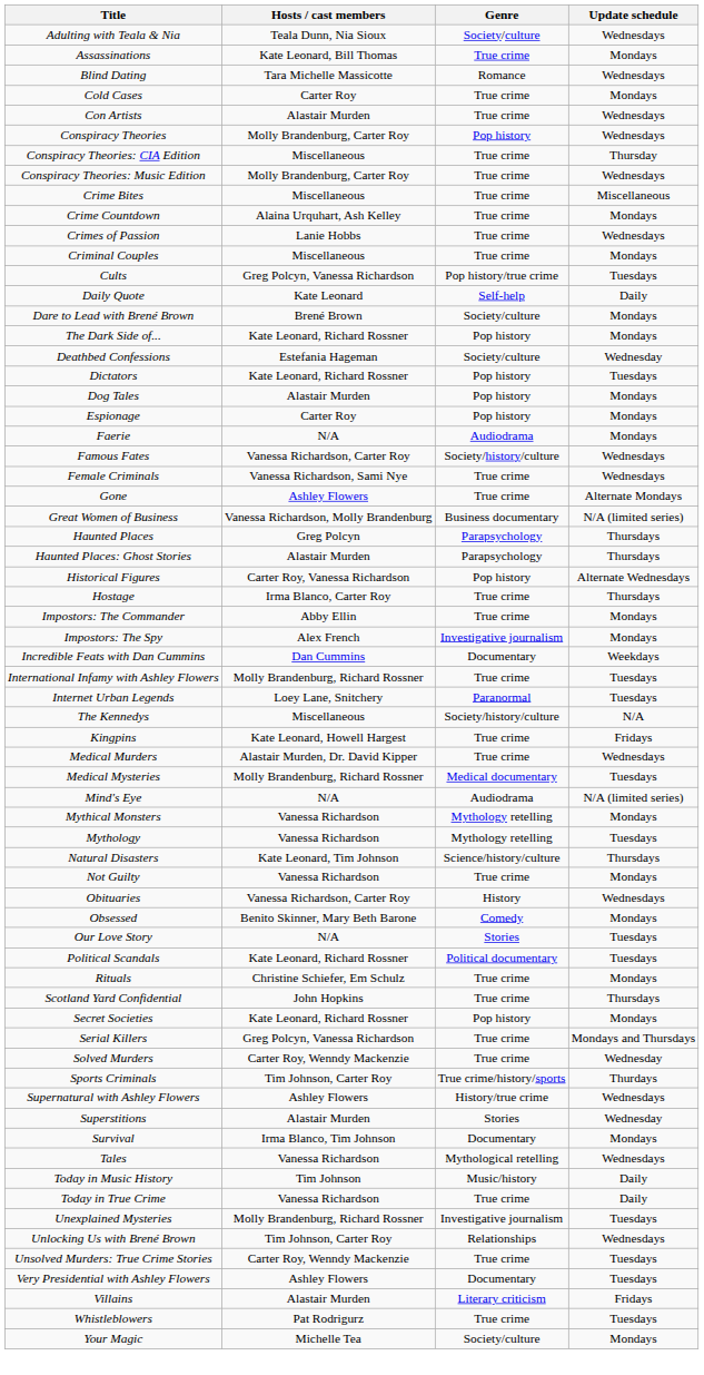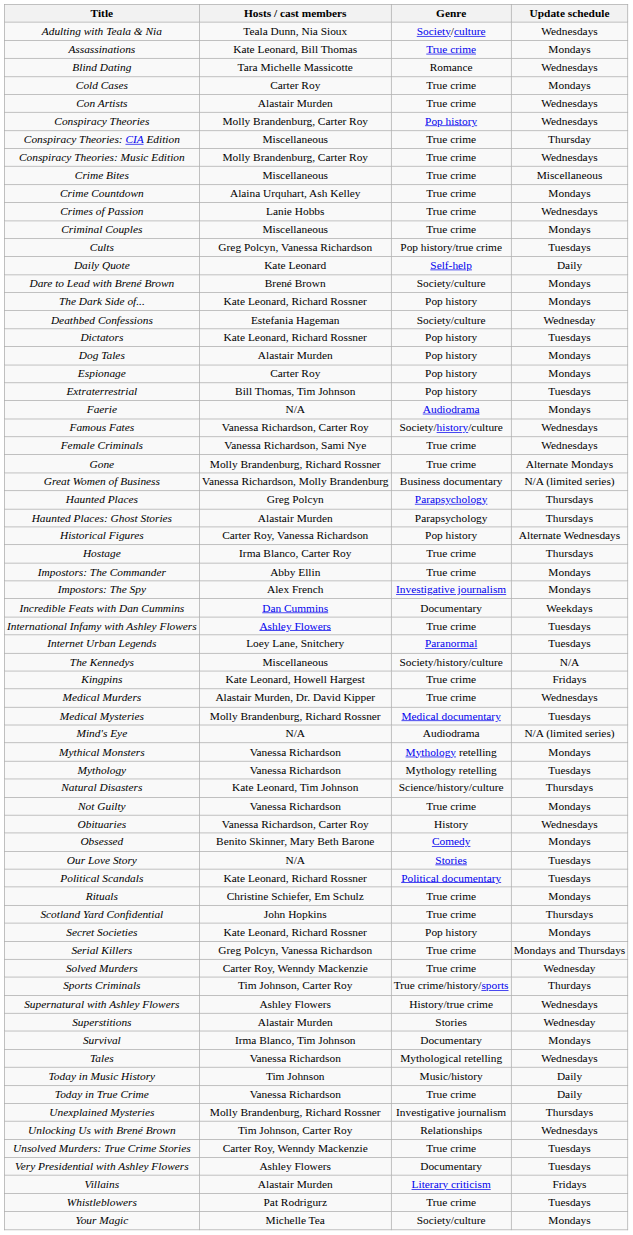 <table class="wikitable sortable">
 <tr>
 <th>Title</th>
 <th>Hosts / cast members</th>
 <th>Genre</th>
 <th>Update schedule</th>
 </tr>
 <tr>
 <td style="text-align:center;"><em>Adulting with Teala & Nia</em></td>
 <td style="text-align:center;">Teala Dunn, Nia Sioux</td>
 <td style="text-align:center;"><a href='#'>Society</a>/<a href='#'>culture</a></td>
 <td style="text-align:center;">Wednesdays</td>
 </tr>
 <tr>
 <td style="text-align:center;"><em>Assassinations</em></td>
 <td style="text-align:center;">Kate Leonard, Bill Thomas</td>
 <td style="text-align:center;"><a href='#'>True crime</a></td>
 <td style="text-align:center;">Mondays</td>
 </tr>
 <tr>
 <td style="text-align:center;"><em>Blind Dating</em></td>
 <td style="text-align:center;">Tara Michelle Massicotte</td>
 <td style="text-align:center;">Romance</td>
 <td style="text-align:center;">Wednesdays</td>
 </tr>
 <tr>
 <td style="text-align:center;"><em>Cold Cases</em></td>
 <td style="text-align:center;">Carter Roy</td>
 <td style="text-align:center;">True crime</td>
 <td style="text-align:center;">Mondays</td>
 </tr>
 <tr>
 <td style="text-align:center;"><em>Con Artists</em></td>
 <td style="text-align:center;">Alastair Murden</td>
 <td style="text-align:center;">True crime</td>
 <td style="text-align:center;">Wednesdays</td>
 </tr>
 <tr>
 <td style="text-align:center;"><em>Conspiracy Theories</em></td>
 <td style="text-align:center;">Molly Brandenburg, Carter Roy</td>
 <td style="text-align:center;"><a href='#'>Pop history</a></td>
 <td style="text-align:center;">Wednesdays</td>
 </tr>
 <tr>
 <td style="text-align:center;"><em>Conspiracy Theories: <a href='#'>CIA</a> Edition</em></td>
 <td style="text-align:center;">Miscellaneous</td>
 <td style="text-align:center;">True crime</td>
 <td style="text-align:center;">Thursday</td>
 </tr>
 <tr>
 <td style="text-align:center;"><em>Conspiracy Theories: Music Edition</em></td>
 <td style="text-align:center;">Molly Brandenburg, Carter Roy</td>
 <td style="text-align:center;">True crime</td>
 <td style="text-align:center;">Wednesdays</td>
 </tr>
 <tr>
 <td style="text-align:center;"><em>Crime Bites</em></td>
 <td style="text-align:center;">Miscellaneous</td>
 <td style="text-align:center;">True crime</td>
 <td style="text-align:center;">Miscellaneous</td>
 </tr>
 <tr>
 <td style="text-align:center;"><em>Crime Countdown</em></td>
 <td style="text-align:center;">Alaina Urquhart, Ash Kelley</td>
 <td style="text-align:center;">True crime</td>
 <td style="text-align:center;">Mondays</td>
 </tr>
 <tr>
 <td style="text-align:center;"><em>Crimes of Passion</em></td>
 <td style="text-align:center;">Lanie Hobbs</td>
 <td style="text-align:center;">True crime</td>
 <td style="text-align:center;">Wednesdays</td>
 </tr>
 <tr>
 <td style="text-align:center;"><em>Criminal Couples</em></td>
 <td style="text-align:center;">Miscellaneous</td>
 <td style="text-align:center;">True crime</td>
 <td style="text-align:center;">Mondays</td>
 </tr>
 <tr>
 <td style="text-align:center;"><em>Cults</em></td>
 <td style="text-align:center;">Greg Polcyn, Vanessa Richardson</td>
 <td style="text-align:center;">Pop history/true crime</td>
 <td style="text-align:center;">Tuesdays</td>
 </tr>
 <tr>
 <td style="text-align:center;"><em>Daily Quote</em></td>
 <td style="text-align:center;">Kate Leonard</td>
 <td style="text-align:center;"><a href='#'>Self-help</a></td>
 <td style="text-align:center;">Daily</td>
 </tr>
 <tr>
 <td style="text-align:center;"><em>Dare to Lead with Brené Brown</em></td>
 <td style="text-align:center;">Brené Brown</td>
 <td style="text-align:center;">Society/culture</td>
 <td style="text-align:center;">Mondays</td>
 </tr>
 <tr>
 <td style="text-align:center;"><em>The Dark Side of...</em></td>
 <td style="text-align:center;">Kate Leonard, Richard Rossner</td>
 <td style="text-align:center;">Pop history</td>
 <td style="text-align:center;">Mondays</td>
 </tr>
 <tr>
 <td style="text-align:center;"><em>Deathbed Confessions</em></td>
 <td style="text-align:center;">Estefania Hageman</td>
 <td style="text-align:center;">Society/culture</td>
 <td style="text-align:center;">Wednesday</td>
 </tr>
 <tr>
 <td style="text-align:center;"><em>Dictators</em></td>
 <td style="text-align:center;">Kate Leonard, Richard Rossner</td>
 <td style="text-align:center;">Pop history</td>
 <td style="text-align:center;">Tuesdays</td>
 </tr>
 <tr>
 <td style="text-align:center;"><em>Dog Tales</em></td>
 <td style="text-align:center;">Alastair Murden</td>
 <td style="text-align:center;">Pop history</td>
 <td style="text-align:center;">Mondays</td>
 </tr>
 <tr>
 <td style="text-align:center;"><em>Espionage</em></td>
 <td style="text-align:center;">Carter Roy</td>
 <td style="text-align:center;">Pop history</td>
 <td style="text-align:center;">Mondays</td>
 </tr>
 <tr>
+<td style="text-align:center;"><em>Extraterrestrial</em></td>
+<td style="text-align:center;">Bill Thomas, Tim Johnson</td>
+<td style="text-align:center;">Pop history</td>
+<td style="text-align:center;">Tuesdays</td>
+</tr>
+<tr>
 <td style="text-align:center;"><em>Faerie</em></td>
 <td style="text-align:center;">N/A</td>
 <td style="text-align:center;"><a href='#'>Audiodrama</a></td>
 <td style="text-align:center;">Mondays</td>
 </tr>
 <tr>
 <td style="text-align:center;"><em>Famous Fates</em></td>
 <td style="text-align:center;">Vanessa Richardson, Carter Roy</td>
 <td style="text-align:center;">Society/<a href='#'>history</a>/culture</td>
 <td style="text-align:center;">Wednesdays</td>
 </tr>
 <tr>
 <td style="text-align:center;"><em>Female Criminals</em></td>
 <td style="text-align:center;">Vanessa Richardson, Sami Nye</td>
 <td style="text-align:center;">True crime</td>
 <td style="text-align:center;">Wednesdays</td>
 </tr>
 <tr>
 <td style="text-align:center;"><em>Gone</em></td>
-<td style="text-align:center;"><a href='#'>Ashley Flowers</a></td>
+<td style="text-align:center;">Molly Brandenburg, Richard Rossner</td>
 <td style="text-align:center;">True crime</td>
 <td style="text-align:center;">Alternate Mondays</td>
 </tr>
 <tr>
 <td style="text-align:center;"><em>Great Women of Business</em></td>
 <td style="text-align:center;">Vanessa Richardson, Molly Brandenburg</td>
 <td style="text-align:center;">Business documentary</td>
 <td style="text-align:center;">N/A (limited series)</td>
 </tr>
 <tr>
 <td style="text-align:center;"><em>Haunted Places</em></td>
 <td style="text-align:center;">Greg Polcyn</td>
 <td style="text-align:center;"><a href='#'>Parapsychology</a></td>
 <td style="text-align:center;">Thursdays</td>
 </tr>
 <tr>
 <td style="text-align:center;"><em>Haunted Places: Ghost Stories</em></td>
 <td style="text-align:center;">Alastair Murden</td>
 <td style="text-align:center;">Parapsychology</td>
 <td style="text-align:center;">Thursdays</td>
 </tr>
 <tr>
 <td style="text-align:center;"><em>Historical Figures</em></td>
 <td style="text-align:center;">Carter Roy, Vanessa Richardson</td>
 <td style="text-align:center;">Pop history</td>
 <td style="text-align:center;">Alternate Wednesdays</td>
 </tr>
 <tr>
 <td style="text-align:center;"><em>Hostage</em></td>
 <td style="text-align:center;">Irma Blanco, Carter Roy</td>
 <td style="text-align:center;">True crime</td>
 <td style="text-align:center;">Thursdays</td>
 </tr>
 <tr>
 <td style="text-align:center;"><em>Impostors: The Commander</em></td>
 <td style="text-align:center;">Abby Ellin</td>
 <td style="text-align:center;">True crime</td>
 <td style="text-align:center;">Mondays</td>
 </tr>
 <tr>
 <td style="text-align:center;"><em>Impostors: The Spy</em></td>
 <td style="text-align:center;">Alex French</td>
 <td style="text-align:center;"><a href='#'>Investigative journalism</a></td>
 <td style="text-align:center;">Mondays</td>
 </tr>
 <tr>
 <td style="text-align:center;"><em>Incredible Feats with Dan Cummins</em></td>
 <td style="text-align:center;"><a href='#'>Dan Cummins</a></td>
 <td style="text-align:center;">Documentary</td>
 <td style="text-align:center;">Weekdays</td>
 </tr>
 <tr>
 <td style="text-align:center;"><em>International Infamy with Ashley Flowers</em></td>
-<td style="text-align:center;">Molly Brandenburg, Richard Rossner</td>
+<td style="text-align:center;"><a href='#'>Ashley Flowers</a></td>
 <td style="text-align:center;">True crime</td>
 <td style="text-align:center;">Tuesdays</td>
 </tr>
 <tr>
 <td style="text-align:center;"><em>Internet Urban Legends</em></td>
 <td style="text-align:center;">Loey Lane, Snitchery</td>
 <td style="text-align:center;"><a href='#'>Paranormal</a></td>
 <td style="text-align:center;">Tuesdays</td>
 </tr>
 <tr>
 <td style="text-align:center;"><em>The Kennedys</em></td>
 <td style="text-align:center;">Miscellaneous</td>
 <td style="text-align:center;">Society/history/culture</td>
 <td style="text-align:center;">N/A</td>
 </tr>
 <tr>
 <td style="text-align:center;"><em>Kingpins</em></td>
 <td style="text-align:center;">Kate Leonard, Howell Hargest</td>
 <td style="text-align:center;">True crime</td>
 <td style="text-align:center;">Fridays</td>
 </tr>
 <tr>
 <td style="text-align:center;"><em>Medical Murders</em></td>
 <td style="text-align:center;">Alastair Murden, Dr. David Kipper</td>
 <td style="text-align:center;">True crime</td>
 <td style="text-align:center;">Wednesdays</td>
 </tr>
 <tr>
 <td style="text-align:center;"><em>Medical Mysteries</em></td>
 <td style="text-align:center;">Molly Brandenburg, Richard Rossner</td>
 <td style="text-align:center;"><a href='#'>Medical documentary</a></td>
 <td style="text-align:center;">Tuesdays</td>
 </tr>
 <tr>
 <td style="text-align:center;"><em>Mind's Eye</em></td>
 <td style="text-align:center;">N/A</td>
 <td style="text-align:center;">Audiodrama</td>
 <td style="text-align:center;">N/A (limited series)</td>
 </tr>
 <tr>
 <td style="text-align:center;"><em>Mythical Monsters</em></td>
 <td style="text-align:center;">Vanessa Richardson</td>
 <td style="text-align:center;"><a href='#'>Mythology</a> retelling</td>
 <td style="text-align:center;">Mondays</td>
 </tr>
 <tr>
 <td style="text-align:center;"><em>Mythology</em></td>
 <td style="text-align:center;">Vanessa Richardson</td>
 <td style="text-align:center;">Mythology retelling</td>
 <td style="text-align:center;">Tuesdays</td>
 </tr>
 <tr>
 <td style="text-align:center;"><em>Natural Disasters</em></td>
 <td style="text-align:center;">Kate Leonard, Tim Johnson</td>
 <td style="text-align:center;">Science/history/culture</td>
 <td style="text-align:center;">Thursdays</td>
 </tr>
 <tr>
 <td style="text-align:center;"><em>Not Guilty</em></td>
 <td style="text-align:center;">Vanessa Richardson</td>
 <td style="text-align:center;">True crime</td>
 <td style="text-align:center;">Mondays</td>
 </tr>
 <tr>
 <td style="text-align:center;"><em>Obituaries</em></td>
 <td style="text-align:center;">Vanessa Richardson, Carter Roy</td>
 <td style="text-align:center;">History</td>
 <td style="text-align:center;">Wednesdays</td>
 </tr>
 <tr>
 <td style="text-align:center;"><em>Obsessed</em></td>
 <td style="text-align:center;">Benito Skinner, Mary Beth Barone</td>
 <td style="text-align:center;"><a href='#'>Comedy</a></td>
 <td style="text-align:center;">Mondays</td>
 </tr>
 <tr>
 <td style="text-align:center;"><em>Our Love Story</em></td>
 <td style="text-align:center;">N/A</td>
 <td style="text-align:center;"><a href='#'>Stories</a></td>
 <td style="text-align:center;">Tuesdays</td>
 </tr>
 <tr>
 <td style="text-align:center;"><em>Political Scandals</em></td>
 <td style="text-align:center;">Kate Leonard, Richard Rossner</td>
 <td style="text-align:center;"><a href='#'>Political documentary</a></td>
 <td style="text-align:center;">Tuesdays</td>
 </tr>
 <tr>
 <td style="text-align:center;"><em>Rituals</em></td>
 <td style="text-align:center;">Christine Schiefer, Em Schulz</td>
 <td style="text-align:center;">True crime</td>
 <td style="text-align:center;">Mondays</td>
 </tr>
 <tr>
 <td style="text-align:center;"><em>Scotland Yard Confidential</em></td>
 <td style="text-align:center;">John Hopkins</td>
 <td style="text-align:center;">True crime</td>
 <td style="text-align:center;">Thursdays</td>
 </tr>
 <tr>
 <td style="text-align:center;"><em>Secret Societies</em></td>
 <td style="text-align:center;">Kate Leonard, Richard Rossner</td>
 <td style="text-align:center;">Pop history</td>
 <td style="text-align:center;">Mondays</td>
 </tr>
 <tr>
 <td style="text-align:center;"><em>Serial Killers</em></td>
 <td style="text-align:center;">Greg Polcyn, Vanessa Richardson</td>
 <td style="text-align:center;">True crime</td>
 <td style="text-align:center;">Mondays and Thursdays</td>
 </tr>
 <tr>
 <td style="text-align:center;"><em>Solved Murders</em></td>
 <td style="text-align:center;">Carter Roy, Wenndy Mackenzie</td>
 <td style="text-align:center;">True crime</td>
 <td style="text-align:center;">Wednesday</td>
 </tr>
 <tr>
 <td style="text-align:center;"><em>Sports Criminals</em></td>
 <td style="text-align:center;">Tim Johnson, Carter Roy</td>
 <td style="text-align:center;">True crime/history/<a href='#'>sports</a></td>
 <td style="text-align:center;">Thurdays</td>
 </tr>
 <tr>
 <td style="text-align:center;"><em>Supernatural with Ashley Flowers</em></td>
 <td style="text-align:center;">Ashley Flowers</td>
 <td style="text-align:center;">History/true crime</td>
 <td style="text-align:center;">Wednesdays</td>
 </tr>
 <tr>
 <td style="text-align:center;"><em>Superstitions</em></td>
 <td style="text-align:center;">Alastair Murden</td>
 <td style="text-align:center;">Stories</td>
 <td style="text-align:center;">Wednesday</td>
 </tr>
 <tr>
 <td style="text-align:center;"><em>Survival</em></td>
 <td style="text-align:center;">Irma Blanco, Tim Johnson</td>
 <td style="text-align:center;">Documentary</td>
 <td style="text-align:center;">Mondays</td>
 </tr>
 <tr>
 <td style="text-align:center;"><em>Tales</em></td>
 <td style="text-align:center;">Vanessa Richardson</td>
 <td style="text-align:center;">Mythological retelling</td>
 <td style="text-align:center;">Wednesdays</td>
 </tr>
 <tr>
 <td style="text-align:center;"><em>Today in Music History</em></td>
 <td style="text-align:center;">Tim Johnson</td>
 <td style="text-align:center;">Music/history</td>
 <td style="text-align:center;">Daily</td>
 </tr>
 <tr>
 <td style="text-align:center;"><em>Today in True Crime</em></td>
 <td style="text-align:center;">Vanessa Richardson</td>
 <td style="text-align:center;">True crime</td>
 <td style="text-align:center;">Daily</td>
 </tr>
 <tr>
 <td style="text-align:center;"><em>Unexplained Mysteries</em></td>
 <td style="text-align:center;">Molly Brandenburg, Richard Rossner</td>
 <td style="text-align:center;">Investigative journalism</td>
-<td style="text-align:center;">Tuesdays</td>
+<td style="text-align:center;">Thursdays</td>
 </tr>
 <tr>
 <td style="text-align:center;"><em>Unlocking Us with Brené Brown</em></td>
 <td style="text-align:center;">Tim Johnson, Carter Roy</td>
 <td style="text-align:center;">Relationships</td>
 <td style="text-align:center;">Wednesdays</td>
 </tr>
 <tr>
 <td style="text-align:center;"><em>Unsolved Murders: True Crime Stories</em></td>
 <td style="text-align:center;">Carter Roy, Wenndy Mackenzie</td>
 <td style="text-align:center;">True crime</td>
 <td style="text-align:center;">Tuesdays</td>
 </tr>
 <tr>
 <td style="text-align:center;"><em>Very Presidential with Ashley Flowers</em></td>
 <td style="text-align:center;">Ashley Flowers</td>
 <td style="text-align:center;">Documentary</td>
 <td style="text-align:center;">Tuesdays</td>
 </tr>
 <tr>
 <td style="text-align:center;"><em>Villains</em></td>
 <td style="text-align:center;">Alastair Murden</td>
 <td style="text-align:center;"><a href='#'>Literary criticism</a></td>
 <td style="text-align:center;">Fridays</td>
 </tr>
 <tr>
 <td style="text-align:center;"><em>Whistleblowers</em></td>
 <td style="text-align:center;">Pat Rodrigurz</td>
 <td style="text-align:center;">True crime</td>
 <td style="text-align:center;">Tuesdays</td>
 </tr>
 <tr>
 <td style="text-align:center;"><em>Your Magic</em></td>
 <td style="text-align:center;">Michelle Tea</td>
 <td style="text-align:center;">Society/culture</td>
 <td style="text-align:center;">Mondays</td>
 </tr>
 </table>
